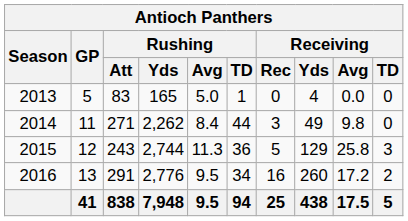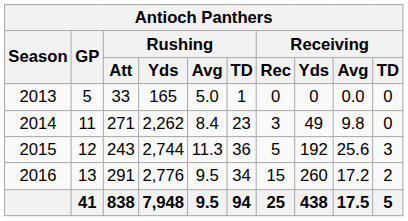 <table class="wikitable" style="text-align:center">
 <tr>
 <th colspan="10">Antioch Panthers</th>
 </tr>
 <tr>
 <th rowspan="2">Season</th>
 <th rowspan="2">GP</th>
 <th colspan="4">Rushing</th>
 <th colspan="4">Receiving</th>
 </tr>
 <tr>
 <th>Att</th>
 <th>Yds</th>
 <th>Avg</th>
 <th>TD</th>
 <th>Rec</th>
 <th>Yds</th>
 <th>Avg</th>
 <th>TD</th>
 </tr>
 <tr>
 <td>2013</td>
 <td>5</td>
-<td>83</td>
+<td>33</td>
 <td>165</td>
 <td>5.0</td>
 <td>1</td>
 <td>0</td>
-<td>4</td>
+<td>0</td>
 <td>0.0</td>
 <td>0</td>
 </tr>
 <tr>
 <td>2014</td>
 <td>11</td>
 <td>271</td>
 <td>2,262</td>
 <td>8.4</td>
-<td>44</td>
+<td>23</td>
 <td>3</td>
 <td>49</td>
 <td>9.8</td>
 <td>0</td>
 </tr>
 <tr>
 <td>2015</td>
 <td>12</td>
 <td>243</td>
 <td>2,744</td>
 <td>11.3</td>
 <td>36</td>
 <td>5</td>
-<td>129</td>
-<td>25.8</td>
+<td>192</td>
+<td>25.6</td>
 <td>3</td>
 </tr>
 <tr>
 <td>2016</td>
 <td>13</td>
 <td>291</td>
 <td>2,776</td>
 <td>9.5</td>
 <td>34</td>
-<td>16</td>
+<td>15</td>
 <td>260</td>
 <td>17.2</td>
 <td>2</td>
 </tr>
 <tr>
 <th></th>
 <th>41</th>
 <th>838</th>
 <th>7,948</th>
 <th>9.5</th>
 <th>94</th>
 <th>25</th>
 <th>438</th>
 <th>17.5</th>
 <th>5</th>
 </tr>
 </table>
